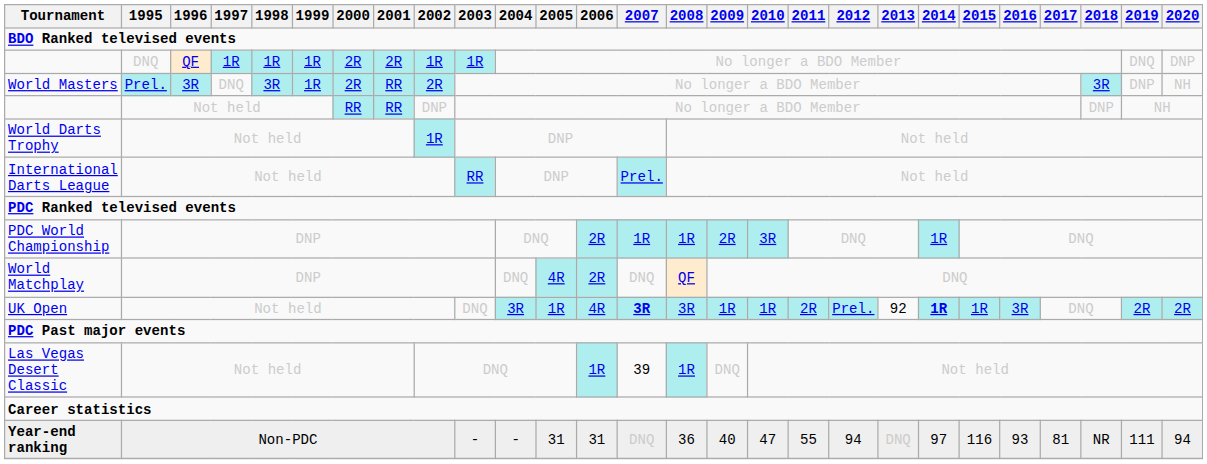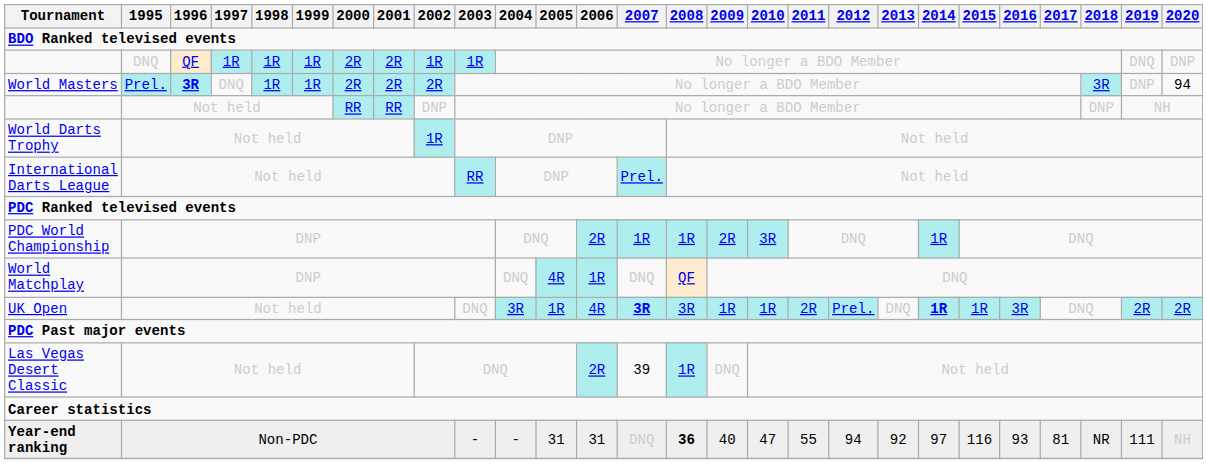 <table class=wikitable style=text-align:center;font-size:88%>
 <tr>
 <th>Tournament</th>
 <th>1995</th>
 <th>1996</th>
 <th>1997</th>
 <th>1998</th>
 <th>1999</th>
 <th>2000</th>
 <th>2001</th>
 <th>2002</th>
 <th>2003</th>
 <th>2004</th>
 <th>2005</th>
 <th>2006</th>
 <th><a href='#'>2007</a></th>
 <th><a href='#'>2008</a></th>
 <th><a href='#'>2009</a></th>
 <th><a href='#'>2010</a></th>
 <th><a href='#'>2011</a></th>
 <th><a href='#'>2012</a></th>
 <th><a href='#'>2013</a></th>
 <th><a href='#'>2014</a></th>
 <th><a href='#'>2015</a></th>
 <th><a href='#'>2016</a></th>
 <th><a href='#'>2017</a></th>
 <th><a href='#'>2018</a></th>
 <th><a href='#'>2019</a></th>
 <th><a href='#'>2020</a></th>
 </tr>
 <tr>
 <td colspan="27" align="left"><strong><a href='#'>BDO</a> Ranked televised events</strong></td>
 </tr>
 <tr>
 <td align=left></td>
 <td style="text-align:center; color:#ccc;">DNQ</td>
 <td style="text-align:center; background:#ffebcd;"><a href='#'>QF</a></td>
 <td style="text-align:center; background:#afeeee;"><a href='#'>1R</a></td>
 <td style="text-align:center; background:#afeeee;"><a href='#'>1R</a></td>
 <td style="text-align:center; background:#afeeee;"><a href='#'>1R</a></td>
 <td style="text-align:center; background:#afeeee;"><a href='#'>2R</a></td>
 <td style="text-align:center; background:#afeeee;"><a href='#'>2R</a></td>
 <td style="text-align:center; background:#afeeee;"><a href='#'>1R</a></td>
 <td style="text-align:center; background:#afeeee;"><a href='#'>1R</a></td>
 <td colspan="15" style="text-align:center; color:#ccc;">No longer a BDO Member</td>
 <td style="text-align:center; color:#ccc;">DNQ</td>
 <td style="text-align:center; color:#ccc;">DNP</td>
 </tr>
 <tr>
 <td align=left><a href='#'>World Masters</a></td>
 <td style="text-align:center; background:#afeeee;"><a href='#'>Prel.</a></td>
-<td style="text-align:center; background:#afeeee;"><a href='#'>3R</a></td>
+<td style="text-align:center; background:#afeeee;"><strong><a href='#'>3R</a></strong></td>
 <td style="text-align:center; color:#ccc;">DNQ</td>
-<td style="text-align:center; background:#afeeee;"><a href='#'>3R</a></td>
+<td style="text-align:center; background:#afeeee;"><a href='#'>1R</a></td>
 <td style="text-align:center; background:#afeeee;"><a href='#'>1R</a></td>
 <td style="text-align:center; background:#afeeee;"><a href='#'>2R</a></td>
-<td style="text-align:center; background:#afeeee;"><a href='#'>RR</a></td>
+<td style="text-align:center; background:#afeeee;"><a href='#'>2R</a></td>
 <td style="text-align:center; background:#afeeee;"><a href='#'>2R</a></td>
 <td colspan="15" style="text-align:center; color:#ccc;">No longer a BDO Member</td>
 <td style="text-align:center; background:#afeeee;"><a href='#'>3R</a></td>
 <td style="text-align:center; color:#ccc;">DNP</td>
-<td style="text-align:center; color:#ccc;">NH</td>
+<td style="text-align:center;">94</td>
 </tr>
 <tr>
 <td align=left></td>
 <td colspan="5" style="text-align:center; color:#ccc;">Not held</td>
 <td style="text-align:center; background:#afeeee;"><a href='#'>RR</a></td>
 <td style="text-align:center; background:#afeeee;"><a href='#'>RR</a></td>
 <td style="text-align:center; color:#ccc;">DNP</td>
 <td colspan="15" style="text-align:center; color:#ccc;">No longer a BDO Member</td>
 <td style="text-align:center; color:#ccc;">DNP</td>
 <td colspan="2" style="text-align:center; color:#ccc;">NH</td>
 </tr>
 <tr>
 <td align=left><a href='#'>World Darts Trophy</a></td>
 <td colspan="7" style="text-align:center; color:#ccc;">Not held</td>
 <td style="text-align:center; background:#afeeee;"><a href='#'>1R</a></td>
 <td colspan="5" style="text-align:center; color:#ccc;">DNP</td>
 <td colspan="13" style="text-align:center; color:#ccc;">Not held</td>
 </tr>
 <tr>
 <td align=left><a href='#'>International Darts League</a></td>
 <td colspan="8" style="text-align:center; color:#ccc;">Not held</td>
 <td style="text-align:center; background:#afeeee;"><a href='#'>RR</a></td>
 <td colspan="3" style="text-align:center; color:#ccc;">DNP</td>
 <td style="text-align:center; background:#afeeee;"><a href='#'>Prel.</a></td>
 <td colspan="13" style="text-align:center; color:#ccc;">Not held</td>
 </tr>
 <tr>
 <td colspan="27" align="left"><strong><a href='#'>PDC</a> Ranked televised events</strong></td>
 </tr>
 <tr>
 <td align=left><a href='#'>PDC World Championship</a></td>
 <td colspan="9" style="text-align:center; color:#ccc;">DNP</td>
 <td colspan="2" style="text-align:center; color:#ccc;">DNQ</td>
 <td style="text-align:center; background:#afeeee;"><a href='#'>2R</a></td>
 <td style="text-align:center; background:#afeeee;"><a href='#'>1R</a></td>
 <td style="text-align:center; background:#afeeee;"><a href='#'>1R</a></td>
 <td style="text-align:center; background:#afeeee;"><a href='#'>2R</a></td>
 <td style="text-align:center; background:#afeeee;"><a href='#'>3R</a></td>
 <td colspan="3" style="text-align:center; color:#ccc;">DNQ</td>
 <td style="text-align:center; background:#afeeee;"><a href='#'>1R</a></td>
 <td colspan="6" style="text-align:center; color:#ccc;">DNQ</td>
 </tr>
 <tr>
 <td align=left><a href='#'>World Matchplay</a></td>
 <td colspan="9" style="text-align:center; color:#ccc;">DNP</td>
 <td style="text-align:center; color:#ccc;">DNQ</td>
 <td style="text-align:center; background:#afeeee;"><a href='#'>4R</a></td>
-<td style="text-align:center; background:#afeeee;"><a href='#'>2R</a></td>
+<td style="text-align:center; background:#afeeee;"><a href='#'>1R</a></td>
 <td style="text-align:center; color:#ccc;">DNQ</td>
 <td style="text-align:center; background:#ffebcd;"><a href='#'>QF</a></td>
 <td colspan="12" style="text-align:center; color:#ccc;">DNQ</td>
 </tr>
 <tr>
 <td align=left><a href='#'>UK Open</a></td>
 <td colspan="8" style="text-align:center; color:#ccc;">Not held</td>
 <td style="text-align:center; color:#ccc;">DNQ</td>
 <td style="text-align:center; background:#afeeee;"><a href='#'>3R</a></td>
 <td style="text-align:center; background:#afeeee;"><a href='#'>1R</a></td>
 <td style="text-align:center; background:#afeeee;"><a href='#'>4R</a></td>
 <td style="text-align:center; background:#afeeee;"><strong><a href='#'>3R</a></strong></td>
 <td style="text-align:center; background:#afeeee;"><a href='#'>3R</a></td>
 <td style="text-align:center; background:#afeeee;"><a href='#'>1R</a></td>
 <td style="text-align:center; background:#afeeee;"><a href='#'>1R</a></td>
 <td style="text-align:center; background:#afeeee;"><a href='#'>2R</a></td>
 <td style="text-align:center; background:#afeeee;"><a href='#'>Prel.</a></td>
-<td style="text-align:center;">92</td>
+<td style="text-align:center; color:#ccc;">DNQ</td>
 <td style="text-align:center; background:#afeeee;"><strong><a href='#'>1R</a></strong></td>
 <td style="text-align:center; background:#afeeee;"><a href='#'>1R</a></td>
 <td style="text-align:center; background:#afeeee;"><a href='#'>3R</a></td>
 <td colspan="2" style="text-align:center; color:#ccc;">DNQ</td>
 <td style="text-align:center; background:#afeeee;"><a href='#'>2R</a></td>
 <td style="text-align:center; background:#afeeee;"><a href='#'>2R</a></td>
 </tr>
 <tr>
 <td colspan="27" align="left"><strong><a href='#'>PDC</a> Past major events</strong></td>
 </tr>
 <tr>
 <td align=left><a href='#'>Las Vegas Desert Classic</a></td>
 <td colspan="7" style="text-align:center; color:#ccc;">Not held</td>
 <td colspan="4" style="text-align:center; color:#ccc;">DNQ</td>
-<td style="text-align:center; background:#afeeee;"><a href='#'>1R</a></td>
+<td style="text-align:center; background:#afeeee;"><a href='#'>2R</a></td>
 <td style="text-align:center;">39</td>
 <td style="text-align:center; background:#afeeee;"><a href='#'>1R</a></td>
 <td style="text-align:center; color:#ccc;">DNQ</td>
 <td colspan="11" style="text-align:center; color:#ccc;">Not held</td>
 </tr>
 <tr>
 <td colspan="27" align="left"><strong>Career statistics</strong></td>
 </tr>
 <tr bgcolor="efefef">
 <td align="left"><strong>Year-end ranking</strong></td>
 <td colspan="8" style="text-align:center;">Non-PDC</td>
 <td style="text-align:center;">-</td>
 <td style="text-align:center;">-</td>
 <td style="text-align:center;">31</td>
 <td style="text-align:center;">31</td>
 <td style="text-align:center; color:#ccc;">DNQ</td>
-<td style="text-align:center;">36</td>
+<td style="text-align:center;"><strong>36</strong></td>
 <td style="text-align:center;">40</td>
 <td style="text-align:center;">47</td>
 <td style="text-align:center;">55</td>
 <td style="text-align:center;">94</td>
-<td style="text-align:center; color:#ccc;">DNQ</td>
+<td style="text-align:center;">92</td>
 <td style="text-align:center;">97</td>
 <td style="text-align:center;">116</td>
 <td style="text-align:center;">93</td>
 <td style="text-align:center;">81</td>
 <td style="text-align:center;">NR</td>
 <td style="text-align:center;">111</td>
-<td style="text-align:center;">94</td>
+<td style="text-align:center; color:#ccc;">NH</td>
 </tr>
 <tr>
 </tr>
 </table>
